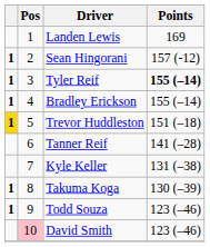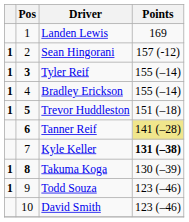 <table class="wikitable" style="font-size: 95%;">
 <tr>
 <th></th>
 <th>Pos</th>
 <th>Driver</th>
 <th>Points</th>
 </tr>
 <tr>
 <td align="left"></td>
 <td style="text-align:center;">1</td>
 <td><a href='#'>Landen Lewis</a></td>
 <td style="text-align:center;">169</td>
 </tr>
 <tr>
 <td align="left"> <strong>1</strong></td>
 <td style="text-align:center;">2</td>
 <td><a href='#'>Sean Hingorani</a></td>
 <td style="text-align:center;">157 (-12)</td>
 </tr>
 <tr>
 <td align="left"> <strong>1</strong></td>
-<td style="text-align:center;">3</td>
+<td style="text-align:center;"><strong>3</strong></td>
 <td><a href='#'>Tyler Reif</a></td>
-<td style="text-align:center;"><strong>155 (–14)</strong></td>
+<td style="text-align:center;">155 (–14)</td>
 </tr>
 <tr>
 <td align="left"> <strong>1</strong></td>
 <td style="text-align:center;">4</td>
 <td><a href='#'>Bradley Erickson</a></td>
 <td style="text-align:center;">155 (–14)</td>
 </tr>
 <tr>
-<td align="left" style="background: gold;"> <strong>1</strong></td>
-<td style="text-align:center;">5</td>
+<td align="left"> <strong>1</strong></td>
+<td style="text-align:center;"><strong>5</strong></td>
 <td><a href='#'>Trevor Huddleston</a></td>
 <td style="text-align:center;">151 (–18)</td>
 </tr>
 <tr>
 <td align="left"></td>
-<td style="text-align:center;">6</td>
+<td style="text-align:center;"><strong>6</strong></td>
 <td><a href='#'>Tanner Reif</a></td>
-<td style="text-align:center;">141 (–28)</td>
+<td style="background: khaki; text-align:center;">141 (–28)</td>
 </tr>
 <tr>
 <td align="left"></td>
 <td style="text-align:center;">7</td>
 <td><a href='#'>Kyle Keller</a></td>
-<td style="text-align:center;">131 (–38)</td>
+<td style="text-align:center;"><strong>131 (–38)</strong></td>
 </tr>
 <tr>
 <td align="left"> <strong>1</strong></td>
-<td style="text-align:center;">8</td>
+<td style="text-align:center;"><strong>8</strong></td>
 <td><a href='#'>Takuma Koga</a></td>
 <td style="text-align:center;">130 (–39)</td>
 </tr>
 <tr>
 <td align="left"> <strong>1</strong></td>
 <td style="text-align:center;">9</td>
 <td><a href='#'>Todd Souza</a></td>
 <td style="text-align:center;">123 (–46)</td>
 </tr>
 <tr>
 <td align="left"></td>
-<td style="background: pink; text-align:center;">10</td>
+<td style="text-align:center;">10</td>
 <td><a href='#'>David Smith</a></td>
 <td style="text-align:center;">123 (–46)</td>
 </tr>
 <tr class="sortbottom">
 </tr>
 </table>
